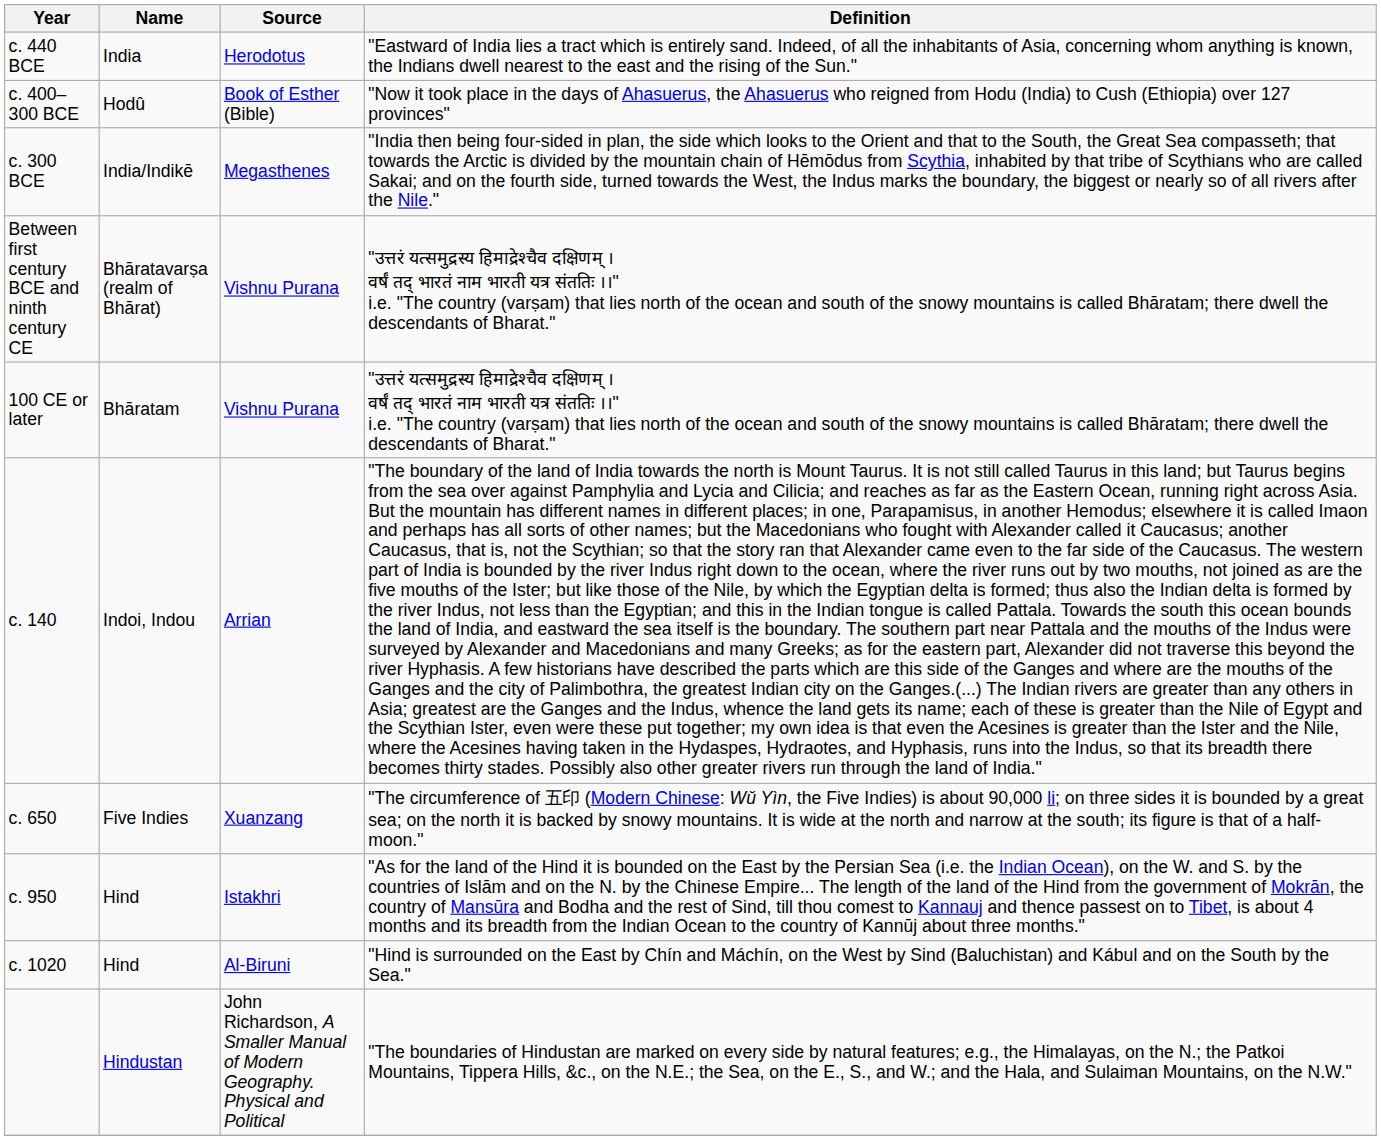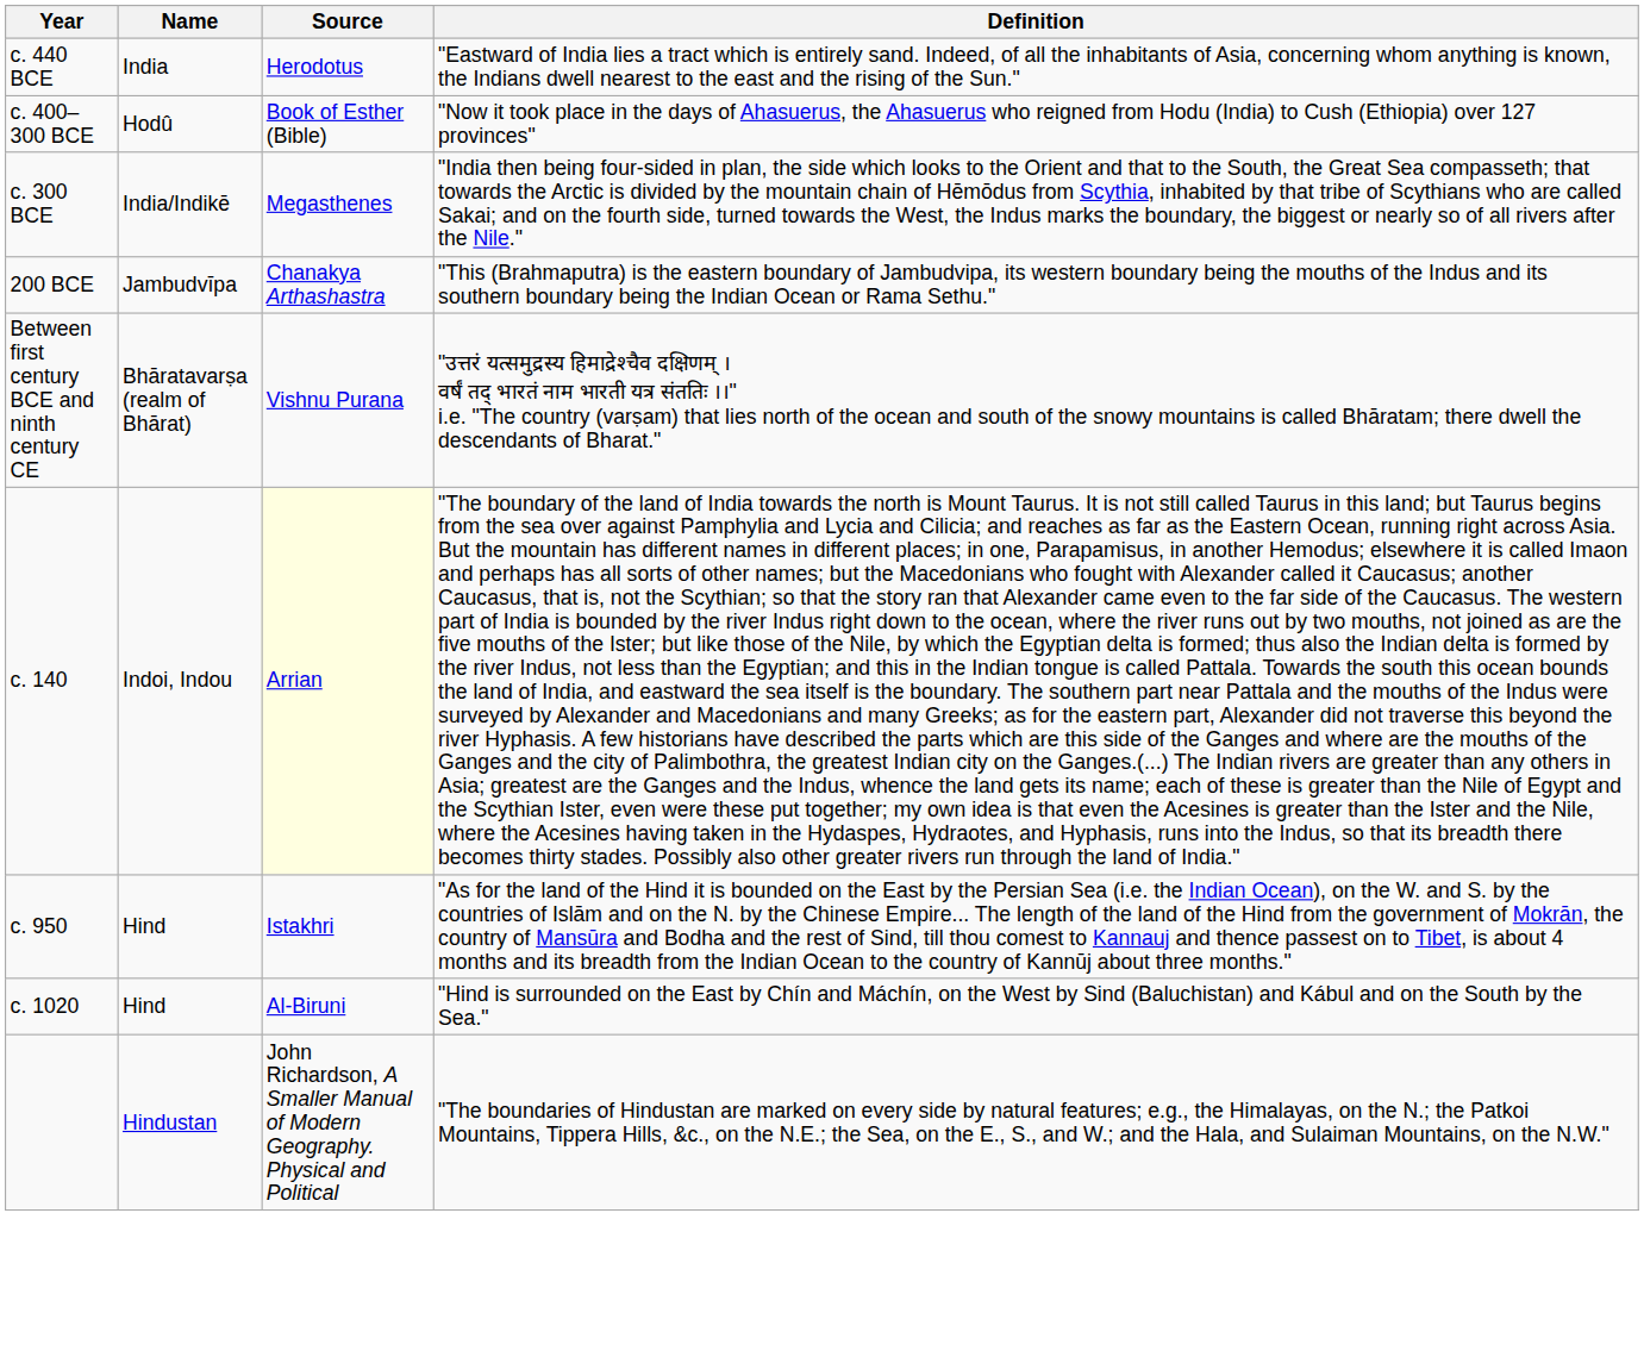 <table class="wikitable">
 <tr style="background:#ccc;">
 <th>Year</th>
 <th>Name</th>
 <th>Source</th>
 <th>Definition</th>
 </tr>
 <tr>
 <td>c. 440 BCE</td>
 <td>India</td>
 <td><a href='#'>Herodotus</a></td>
 <td>"Eastward of India lies a tract which is entirely sand. Indeed, of all the inhabitants of Asia, concerning whom anything is known, the Indians dwell nearest to the east and the rising of the Sun."</td>
 </tr>
 <tr>
 <td>c. 400–300 BCE</td>
 <td>Hodû</td>
 <td><a href='#'>Book of Esther</a> (Bible)</td>
 <td>"Now it took place in the days of <a href='#'>Ahasuerus</a>, the <a href='#'>Ahasuerus</a> who reigned from Hodu (India) to Cush (Ethiopia) over 127 provinces"</td>
 </tr>
 <tr>
 <td>c. 300 BCE</td>
 <td>India/Indikē</td>
 <td><a href='#'>Megasthenes</a></td>
 <td>"India then being four-sided in plan, the side which looks to the Orient and that to the South, the Great Sea compasseth; that towards the Arctic is divided by the mountain chain of Hēmōdus from <a href='#'>Scythia</a>, inhabited by that tribe of Scythians who are called Sakai; and on the fourth side, turned towards the West, the Indus marks the boundary, the biggest or nearly so of all rivers after the <a href='#'>Nile</a>."</td>
 </tr>
 <tr>
+<td>200 BCE</td>
+<td>Jambudvīpa</td>
+<td><a href='#'>Chanakya</a><br><em><a href='#'>Arthashastra</a></em></td>
+<td>"This (Brahmaputra) is the eastern boundary of Jambudvipa, its western boundary being the mouths of the Indus and its southern boundary being the Indian Ocean or Rama Sethu."</td>
+</tr>
+<tr>
 <td>Between first century BCE and ninth century CE</td>
 <td>Bhāratavarṣa (realm of Bhārat)</td>
 <td><a href='#'>Vishnu Purana</a></td>
 <td>"उत्तरं यत्समुद्रस्य हिमाद्रेश्चैव दक्षिणम् ।<br>वर्षं तद् भारतं नाम भारती यत्र संततिः ।।" <br> i.e. "The country (varṣam) that lies north of the ocean and south of the snowy mountains is called Bhāratam; there dwell the descendants of Bharat."</td>
 </tr>
 <tr>
-<td>100 CE or later</td>
-<td>Bhāratam</td>
-<td><a href='#'>Vishnu Purana</a></td>
-<td>"उत्तरं यत्समुद्रस्य हिमाद्रेश्चैव दक्षिणम् ।<br>वर्षं तद् भारतं नाम भारती यत्र संततिः ।।" <br> i.e. "The country (varṣam) that lies north of the ocean and south of the snowy mountains is called Bhāratam; there dwell the descendants of Bharat."</td>
-</tr>
-<tr>
 <td>c. 140</td>
 <td>Indoi, Indou</td>
-<td><a href='#'>Arrian</a></td>
+<td style="background: lightyellow;"><a href='#'>Arrian</a></td>
 <td>"The boundary of the land of India towards the north is Mount Taurus. It is not still called Taurus in this land; but Taurus begins from the sea over against Pamphylia and Lycia and Cilicia; and reaches as far as the Eastern Ocean, running right across Asia. But the mountain has different names in different places; in one, Parapamisus, in another Hemodus; elsewhere it is called Imaon and perhaps has all sorts of other names; but the Macedonians who fought with Alexander called it Caucasus; another Caucasus, that is, not the Scythian; so that the story ran that Alexander came even to the far side of the Caucasus. The western part of India is bounded by the river Indus right down to the ocean, where the river runs out by two mouths, not joined as are the five mouths of the Ister; but like those of the Nile, by which the Egyptian delta is formed; thus also the Indian delta is formed by the river Indus, not less than the Egyptian; and this in the Indian tongue is called Pattala. Towards the south this ocean bounds the land of India, and eastward the sea itself is the boundary. The southern part near Pattala and the mouths of the Indus were surveyed by Alexander and Macedonians and many Greeks; as for the eastern part, Alexander did not traverse this beyond the river Hyphasis. A few historians have described the parts which are this side of the Ganges and where are the mouths of the Ganges and the city of Palimbothra, the greatest Indian city on the Ganges.(...) The Indian rivers are greater than any others in Asia; greatest are the Ganges and the Indus, whence the land gets its name; each of these is greater than the Nile of Egypt and the Scythian Ister, even were these put together; my own idea is that even the Acesines is greater than the Ister and the Nile, where the Acesines having taken in the Hydaspes, Hydraotes, and Hyphasis, runs into the Indus, so that its breadth there becomes thirty stades. Possibly also other greater rivers run through the land of India."</td>
-</tr>
-<tr>
-<td>c. 650</td>
-<td>Five Indies</td>
-<td><a href='#'>Xuanzang</a></td>
-<td>"The circumference of 五印 (<a href='#'>Modern Chinese</a>: <em>Wǔ Yìn</em>, the Five Indies) is about 90,000 <a href='#'>li</a>; on three sides it is bounded by a great sea; on the north it is backed by snowy mountains. It is wide at the north and narrow at the south; its figure is that of a half-moon."</td>
 </tr>
 <tr>
 <td>c. 950</td>
 <td>Hind</td>
 <td><a href='#'>Istakhri</a></td>
 <td>"As for the land of the Hind it is bounded on the East by the Persian Sea (i.e. the <a href='#'>Indian Ocean</a>), on the W. and S. by the countries of Islām and on the N. by the Chinese Empire... The length of the land of the Hind from the government of <a href='#'>Mokrān</a>, the country of <a href='#'>Mansūra</a> and Bodha and the rest of Sind, till thou comest to <a href='#'>Kannauj</a> and thence passest on to <a href='#'>Tibet</a>, is about 4 months and its breadth from the Indian Ocean to the country of Kannūj about three months."</td>
 </tr>
 <tr>
 <td>c. 1020</td>
 <td>Hind</td>
 <td><a href='#'>Al-Biruni</a></td>
 <td>"Hind is surrounded on the East by Chín and Máchín, on the West by Sind (Baluchistan) and Kábul and on the South by the Sea."</td>
 </tr>
 <tr>
 <td></td>
 <td><a href='#'>Hindustan</a></td>
 <td>John Richardson, <em>A Smaller Manual of Modern Geography. Physical and Political</em></td>
 <td>"The boundaries of Hindustan are marked on every side by natural features; e.g., the Himalayas, on the N.; the Patkoi Mountains, Tippera Hills, &c., on the N.E.; the Sea, on the E., S., and W.; and the Hala, and Sulaiman Mountains, on the N.W."</td>
 </tr>
 <tr>
 </tr>
 </table>
